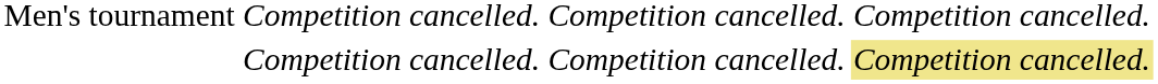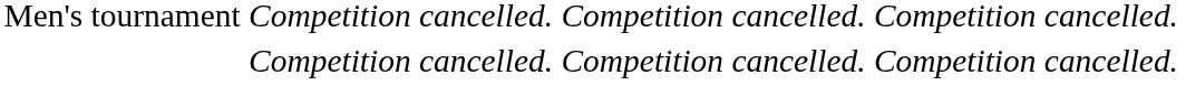 <table>
 <tr>
 <td>Men's tournament<br></td>
 <td><em>Competition cancelled.</em></td>
 <td><em>Competition cancelled.</em></td>
 <td><em>Competition cancelled.</em></td>
 </tr>
 <tr>
 <td><br></td>
 <td><em>Competition cancelled.</em></td>
 <td><em>Competition cancelled.</em></td>
-<td style="background: khaki;"><em>Competition cancelled.</em></td>
+<td><em>Competition cancelled.</em></td>
 </tr>
 </table>
